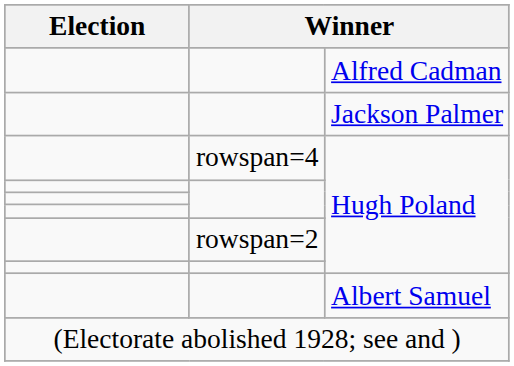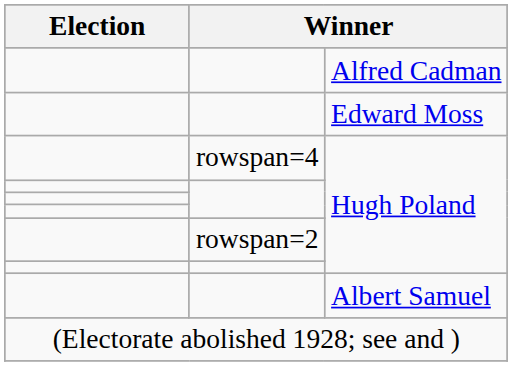 <table class=wikitable>
 <tr>
 <th width=100>Election</th>
 <th width=175 colspan=2>Winner</th>
 </tr>
 <tr>
 <td></td>
 <td></td>
 <td><a href='#'>Alfred Cadman</a></td>
 </tr>
 <tr>
 <td></td>
 <td></td>
-<td><a href='#'>Jackson Palmer</a></td>
+<td><a href='#'>Edward Moss</a></td>
 </tr>
 <tr>
 <td></td>
 <td>rowspan=4 </td>
 <td rowspan=6><a href='#'>Hugh Poland</a></td>
 </tr>
 <tr>
 <td></td>
 </tr>
 <tr>
 <td></td>
 </tr>
 <tr>
 <td></td>
 </tr>
 <tr>
 <td></td>
 <td>rowspan=2 </td>
 </tr>
 <tr>
 <td></td>
 </tr>
 <tr>
 <td></td>
 <td></td>
 <td><a href='#'>Albert Samuel</a></td>
 </tr>
 <tr>
 <td colspan=3 align=center><span>(Electorate abolished 1928; see  and )</span></td>
 </tr>
 </table>
